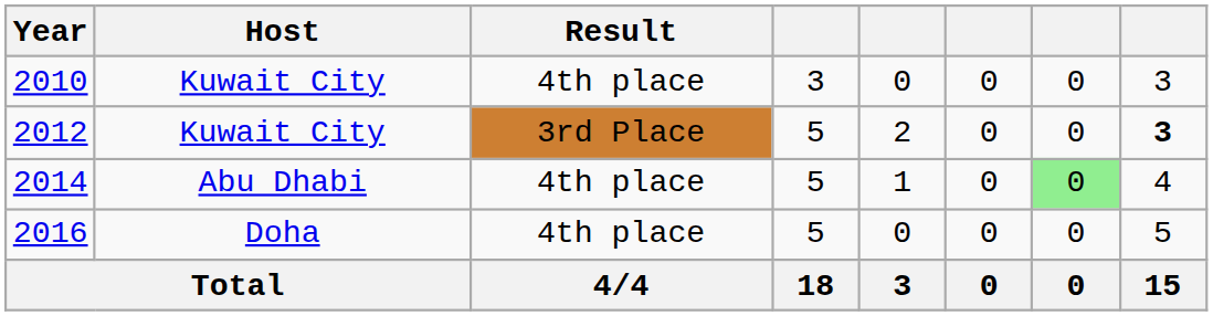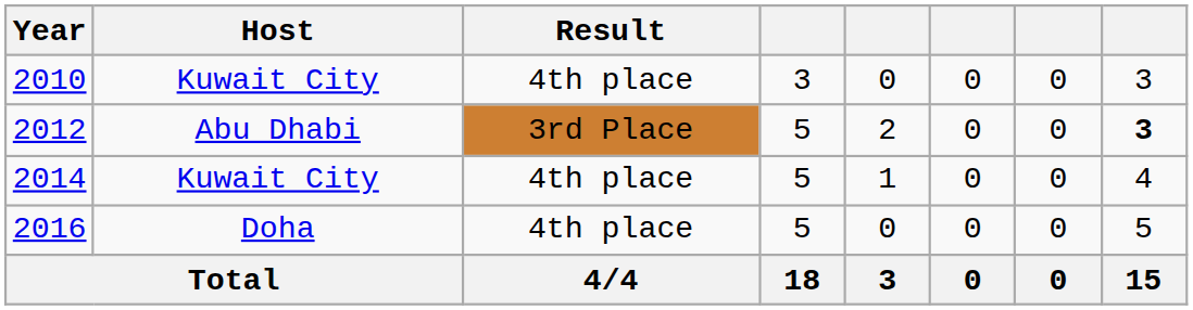 <table class="wikitable" style="text-align:center">
 <tr>
 <th width=30>Year</th>
 <th width=150>Host</th>
 <th width=120>Result</th>
 <th width=30></th>
 <th width=30></th>
 <th width=30></th>
 <th width=30></th>
 <th width=30></th>
 </tr>
 <tr>
 <td><a href='#'>2010</a></td>
 <td> <a href='#'>Kuwait City</a></td>
 <td>4th place</td>
 <td>3</td>
 <td>0</td>
 <td>0</td>
 <td>0</td>
 <td>3</td>
 </tr>
 <tr>
 <td><a href='#'>2012</a></td>
-<td> <a href='#'>Kuwait City</a></td>
+<td> <a href='#'>Abu Dhabi</a></td>
 <td bgcolor="#CD7F32"> 3rd Place</td>
 <td>5</td>
 <td>2</td>
 <td>0</td>
 <td>0</td>
 <td><strong>3</strong></td>
 </tr>
 <tr>
 <td><a href='#'>2014</a></td>
-<td> <a href='#'>Abu Dhabi</a></td>
+<td> <a href='#'>Kuwait City</a></td>
 <td>4th place</td>
 <td>5</td>
 <td>1</td>
 <td>0</td>
-<td style="background: lightgreen;">0</td>
+<td>0</td>
 <td>4</td>
 </tr>
 <tr>
 <td><a href='#'>2016</a></td>
 <td> <a href='#'>Doha</a></td>
 <td>4th place</td>
 <td>5</td>
 <td>0</td>
 <td>0</td>
 <td>0</td>
 <td>5</td>
 </tr>
 <tr>
 <th colspan=2>Total</th>
 <th>4/4</th>
 <th>18</th>
 <th>3</th>
 <th>0</th>
 <th>0</th>
 <th>15</th>
 </tr>
 </table>
